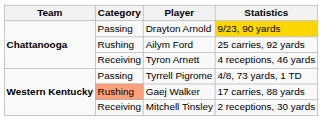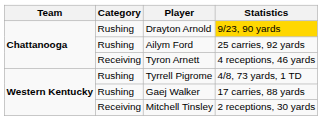 <table class="wikitable" style="float: left;">
 <tr>
 <th>Team</th>
 <th>Category</th>
 <th>Player</th>
 <th>Statistics</th>
 </tr>
 <tr>
 <td rowspan=3><strong>Chattanooga</strong></td>
-<td>Passing</td>
+<td>Rushing</td>
 <td>Drayton Arnold</td>
 <td style="background: gold;">9/23, 90 yards</td>
 </tr>
 <tr>
 <td>Rushing</td>
 <td>Ailym Ford</td>
 <td>25 carries, 92 yards</td>
 </tr>
 <tr>
 <td>Receiving</td>
 <td>Tyron Arnett</td>
 <td>4 receptions, 46 yards</td>
 </tr>
 <tr>
 <td rowspan=3><strong>Western Kentucky</strong></td>
-<td>Passing</td>
+<td>Rushing</td>
 <td>Tyrrell Pigrome</td>
 <td>4/8, 73 yards, 1 TD</td>
 </tr>
 <tr>
-<td style="background: lightsalmon;">Rushing</td>
+<td>Rushing</td>
 <td>Gaej Walker</td>
 <td>17 carries, 88 yards</td>
 </tr>
 <tr>
 <td>Receiving</td>
 <td>Mitchell Tinsley</td>
 <td>2 receptions, 30 yards</td>
 </tr>
 </table>
